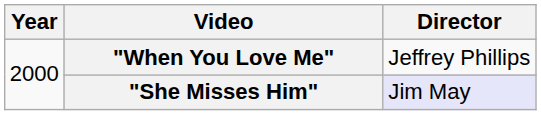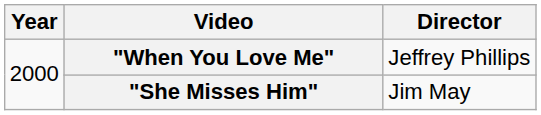 <table class="wikitable plainrowheaders">
 <tr>
 <th>Year</th>
 <th style="width:14em;">Video</th>
 <th>Director</th>
 </tr>
 <tr>
 <td rowspan="2">2000</td>
 <th scope="row">"When You Love Me"</th>
 <td>Jeffrey Phillips</td>
 </tr>
 <tr>
 <th scope="row">"She Misses Him"</th>
-<td style="background: lavender;">Jim May</td>
+<td>Jim May</td>
 </tr>
 </table>
